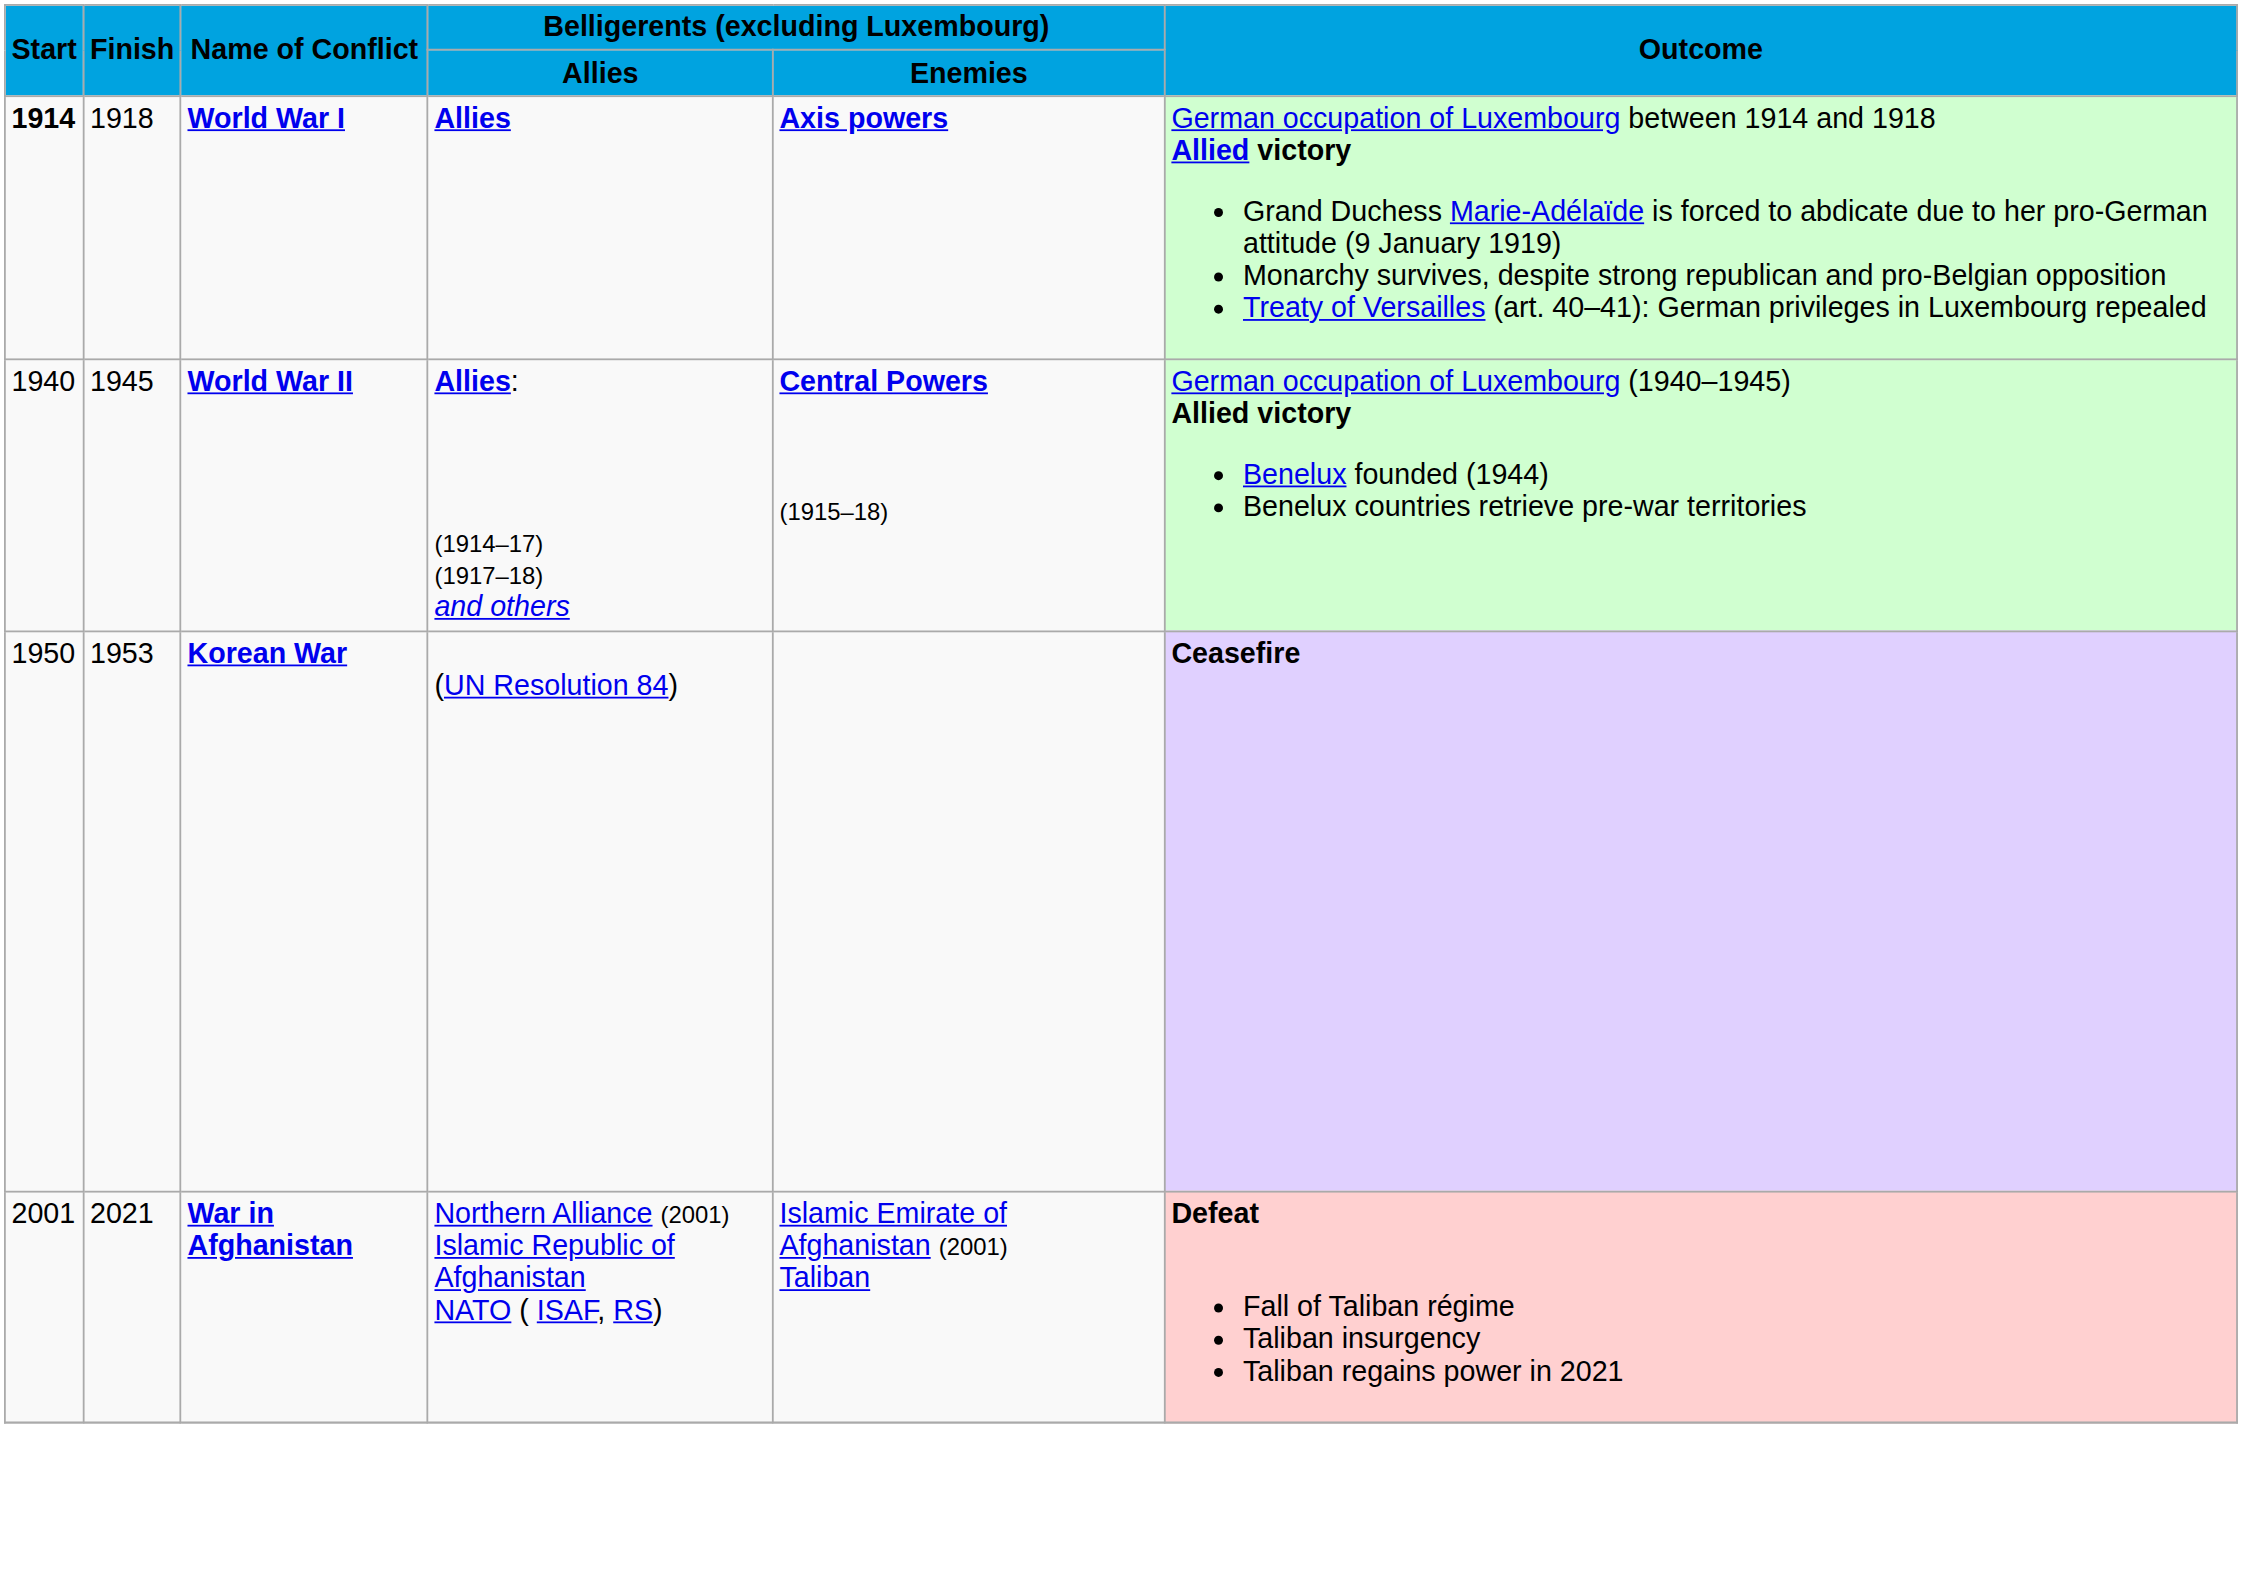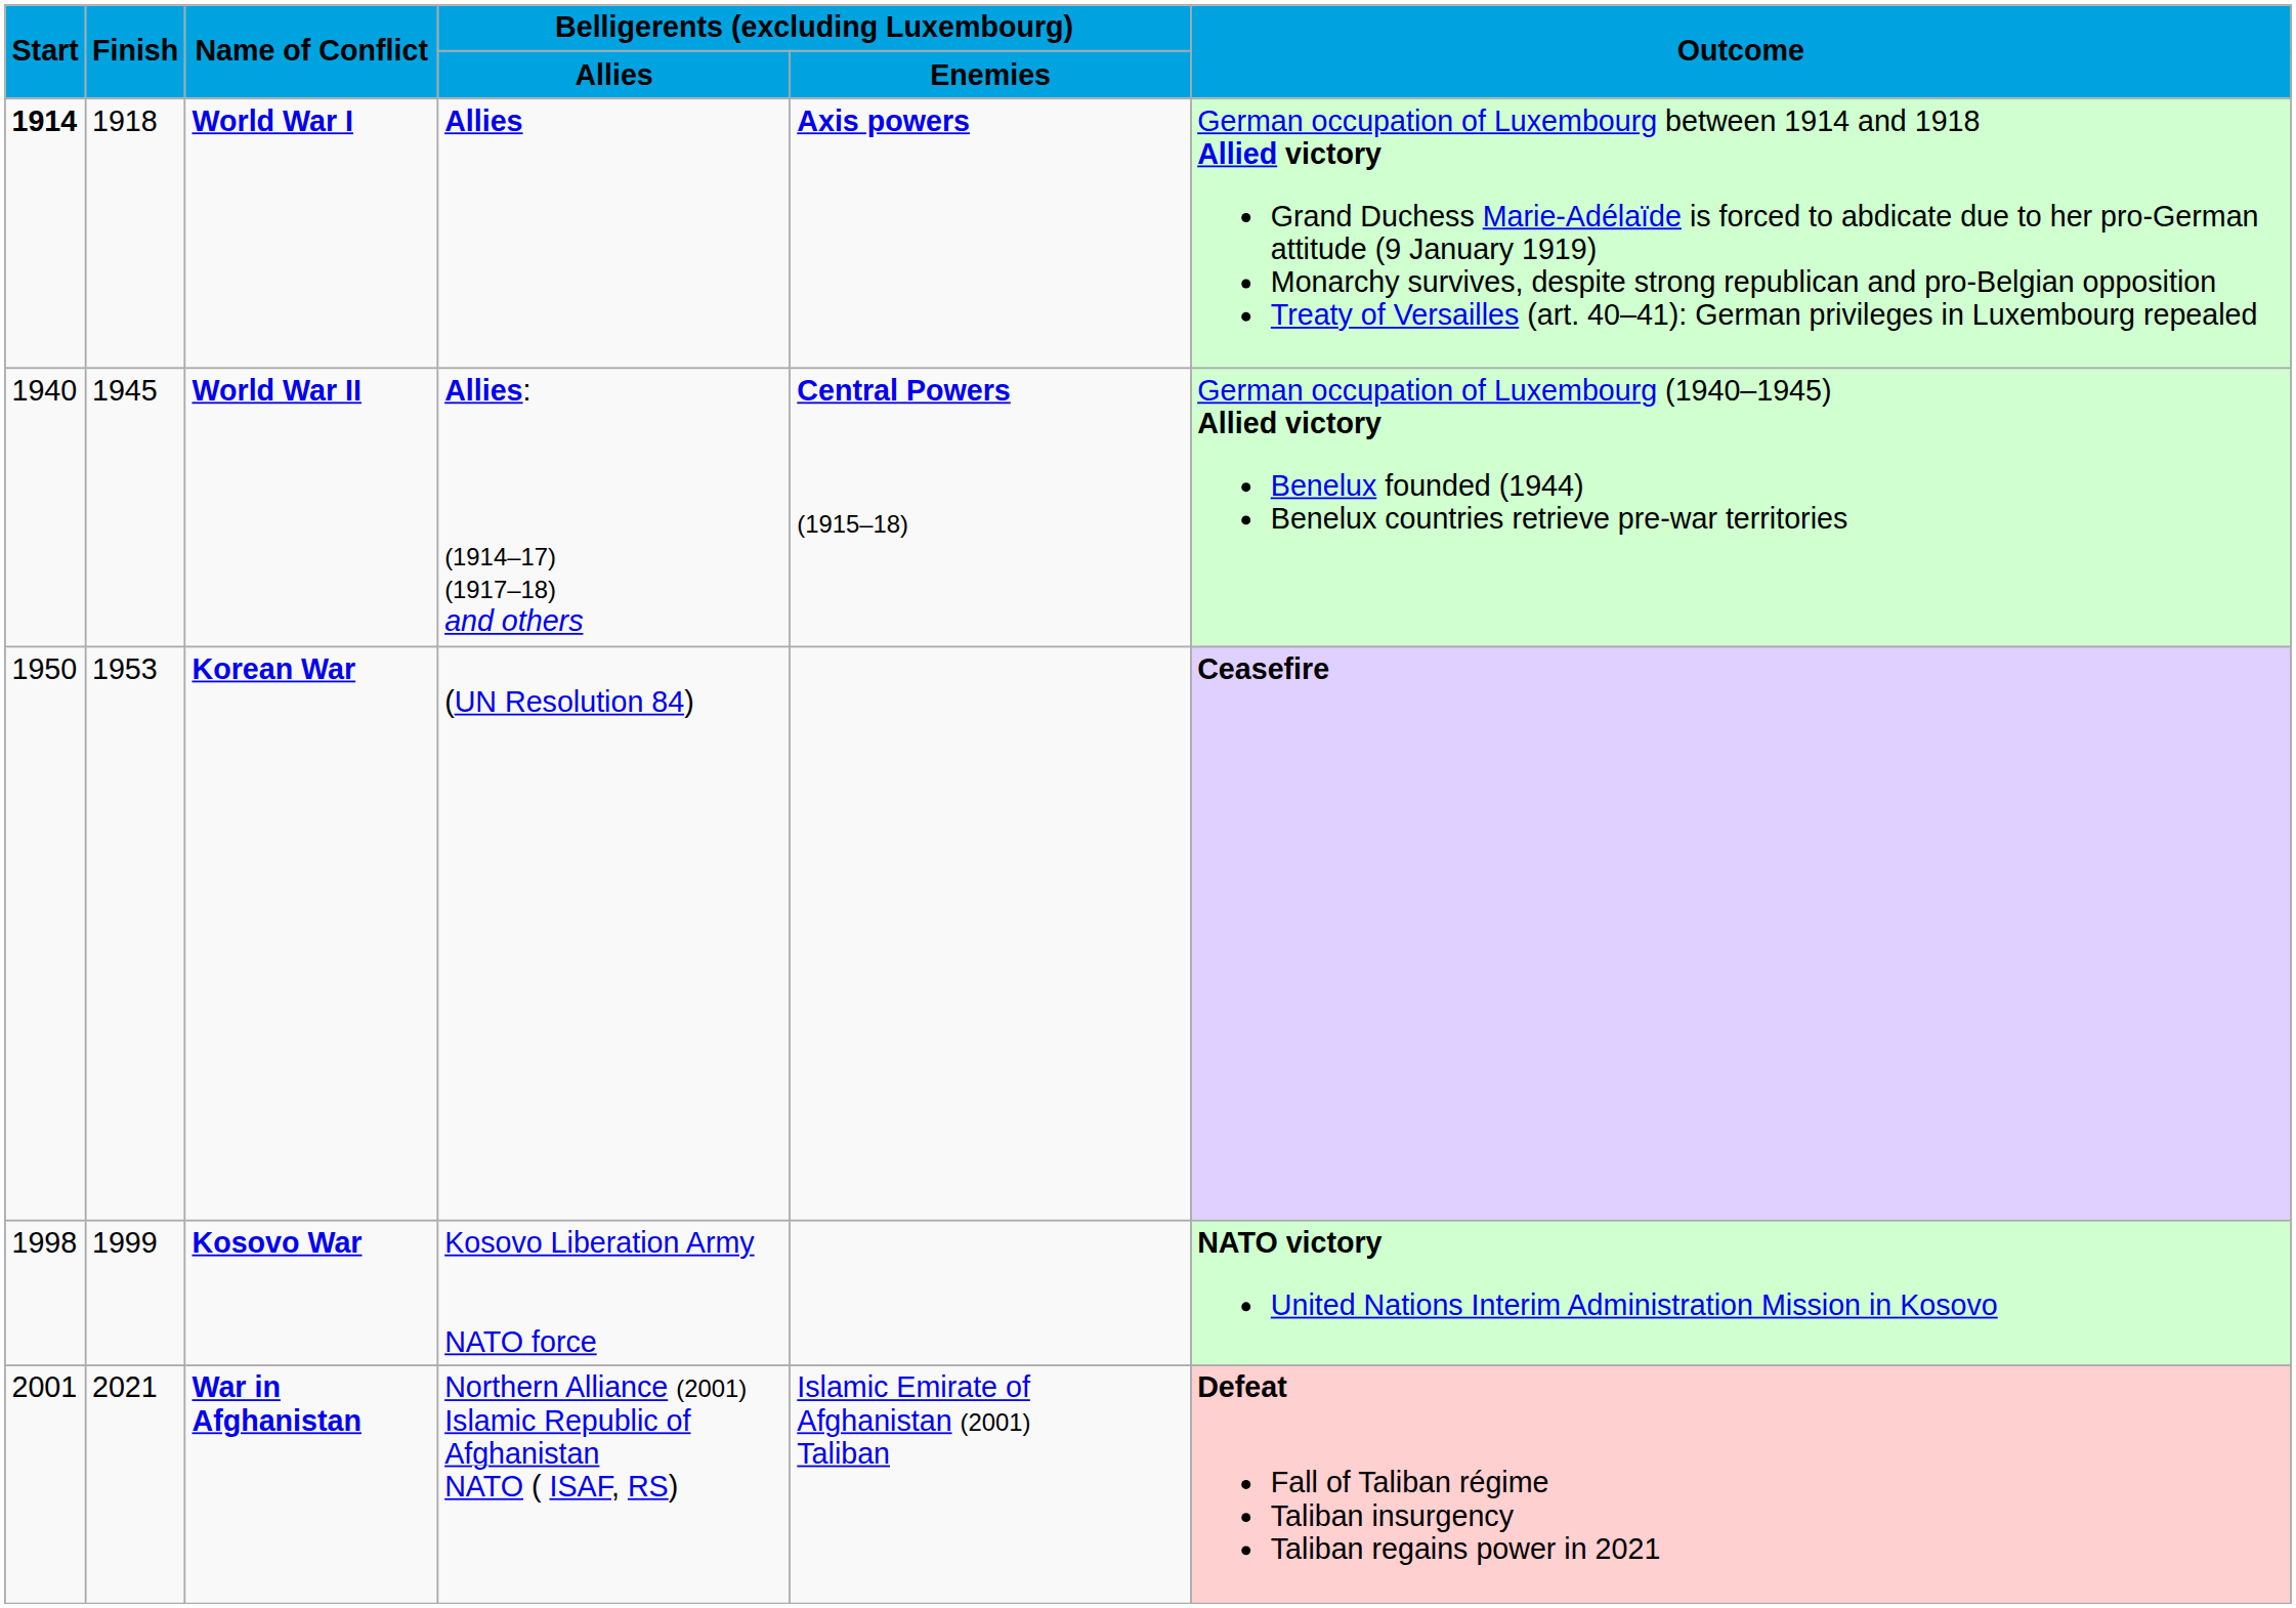 <table class="wikitable" align="center">
 <tr>
 <th rowspan="2" style="background:#00A3E0;">Start</th>
 <th rowspan="2" style="background:#00A3E0;">Finish</th>
 <th rowspan="2" style="background:#00A3E0;">Name of Conflict</th>
 <th colspan="2" style="background:#00A3E0;">Belligerents (excluding Luxembourg)</th>
 <th rowspan="2" style="background:#00A3E0;">Outcome</th>
 </tr>
 <tr>
 <th style="background:#00A3E0;">Allies</th>
 <th style="background:#00A3E0;">Enemies</th>
 </tr>
 <tr valign="top">
 <td><strong>1914</strong></td>
 <td>1918</td>
 <td><strong><a href='#'>World War I</a></strong></td>
 <td><strong><a href='#'>Allies</a></strong></td>
 <td><strong><a href='#'>Axis powers</a></strong></td>
 <td style="background:#D0FFD0"><a href='#'>German occupation of Luxembourg</a> between 1914 and 1918<br><strong><a href='#'>Allied</a> victory</strong><br><ul><li>Grand Duchess <a href='#'>Marie-Adélaïde</a> is forced to abdicate due to her pro-German attitude (9 January 1919)</li><li>Monarchy survives, despite strong republican and pro-Belgian opposition</li><li><a href='#'>Treaty of Versailles</a> (art. 40–41): German privileges in Luxembourg repealed</li></ul></td>
 </tr>
 <tr valign="top">
 <td>1940</td>
 <td>1945</td>
 <td><strong><a href='#'>World War II</a></strong></td>
 <td><strong><a href='#'>Allies</a></strong>:<br><br><br> <br> <br>  <small>(1914–17)</small><br>  <small>(1917–18)</small><br> <a href='#'><em>and others</em></a></td>
 <td><strong><a href='#'>Central Powers</a></strong><br><br> <br> <br>  <small>(1915–18)</small></td>
 <td style="background:#D0FFD0"><a href='#'>German occupation of Luxembourg</a> (1940–1945) <br><strong>Allied victory</strong><br><ul><li><a href='#'>Benelux</a> founded (1944)</li><li>Benelux countries retrieve pre-war territories</li></ul></td>
 </tr>
 <tr valign="top">
 <td>1950</td>
 <td>1953</td>
 <td><strong><a href='#'>Korean War</a></strong></td>
 <td><br> (<a href='#'>UN Resolution 84</a>)<br><br><br> <br> <br> <br> <br> <br> <br> <br> <br> <br> <br> <br> <br> <br> </td>
 <td><br><br><br> </td>
 <td style="background:#E0D0FF"><strong>Ceasefire</strong></td>
 </tr>
 <tr valign="top">
+<td>1998</td>
+<td>1999</td>
+<td><strong><a href='#'>Kosovo War</a></strong></td>
+<td> <a href='#'>Kosovo Liberation Army</a><br><br><br>  <a href='#'>NATO force</a></td>
+<td></td>
+<td style="background:#D0FFD0"><strong>NATO victory</strong><br><ul><li><a href='#'>United Nations Interim Administration Mission in Kosovo</a></li></ul></td>
+</tr>
+<tr valign="top">
 <td>2001</td>
 <td>2021</td>
 <td><strong><a href='#'>War in Afghanistan</a></strong></td>
 <td> <a href='#'>Northern Alliance</a> <small>(2001)</small><br> <a href='#'>Islamic Republic of Afghanistan</a><br> <a href='#'>NATO</a> ( <a href='#'>ISAF</a>,  <a href='#'>RS</a>)</td>
 <td> <a href='#'>Islamic Emirate of Afghanistan</a> <small>(2001)</small><br> <a href='#'>Taliban</a></td>
 <td style="background:#FFD0D0"><strong>Defeat</strong><br><br><ul><li>Fall of Taliban régime</li><li>Taliban insurgency</li><li>Taliban regains power in 2021</li></ul></td>
 </tr>
 <tr>
 </tr>
 </table>
